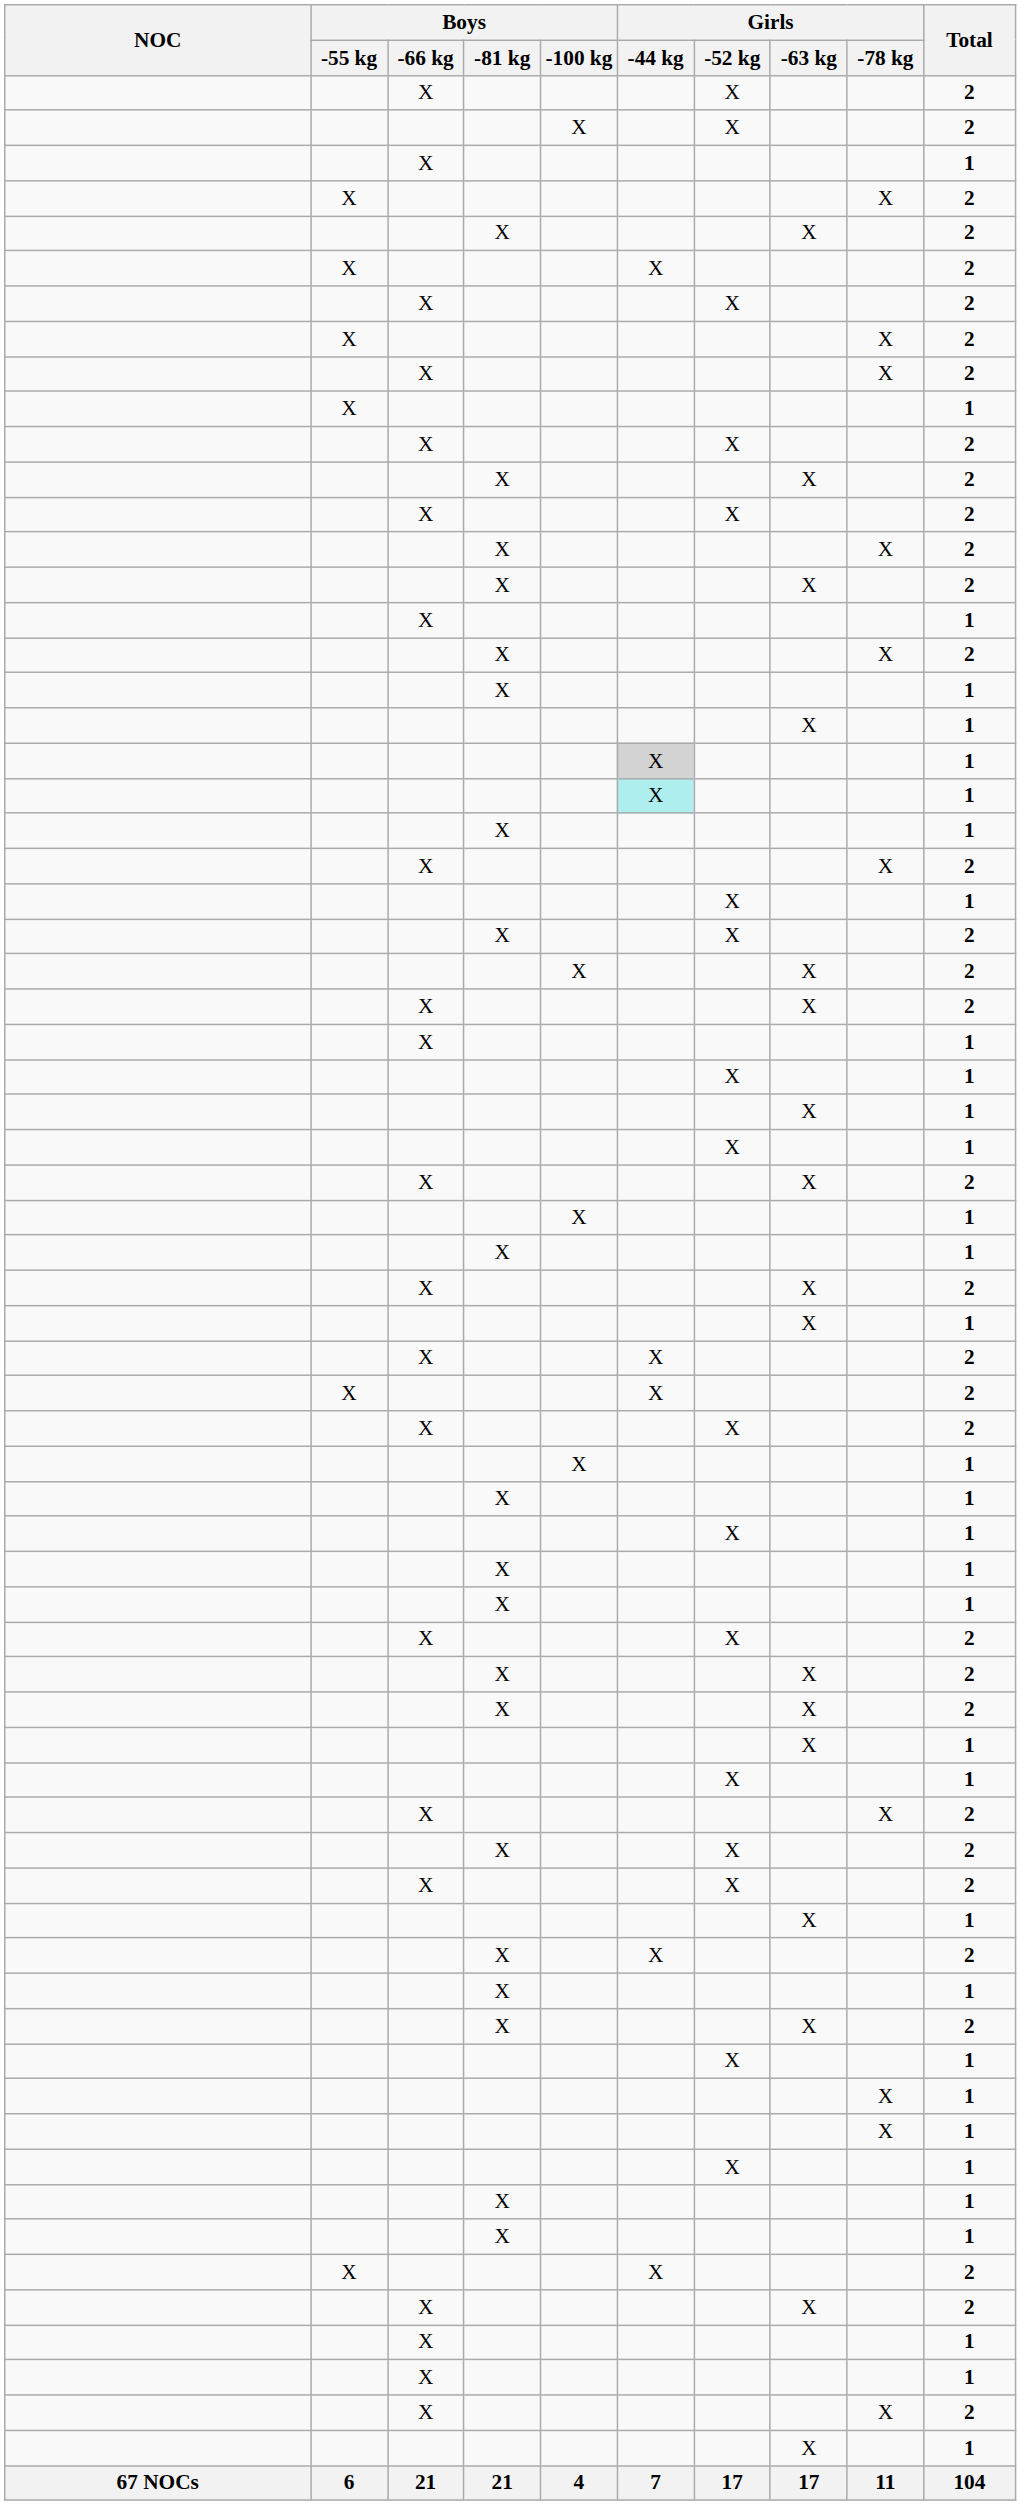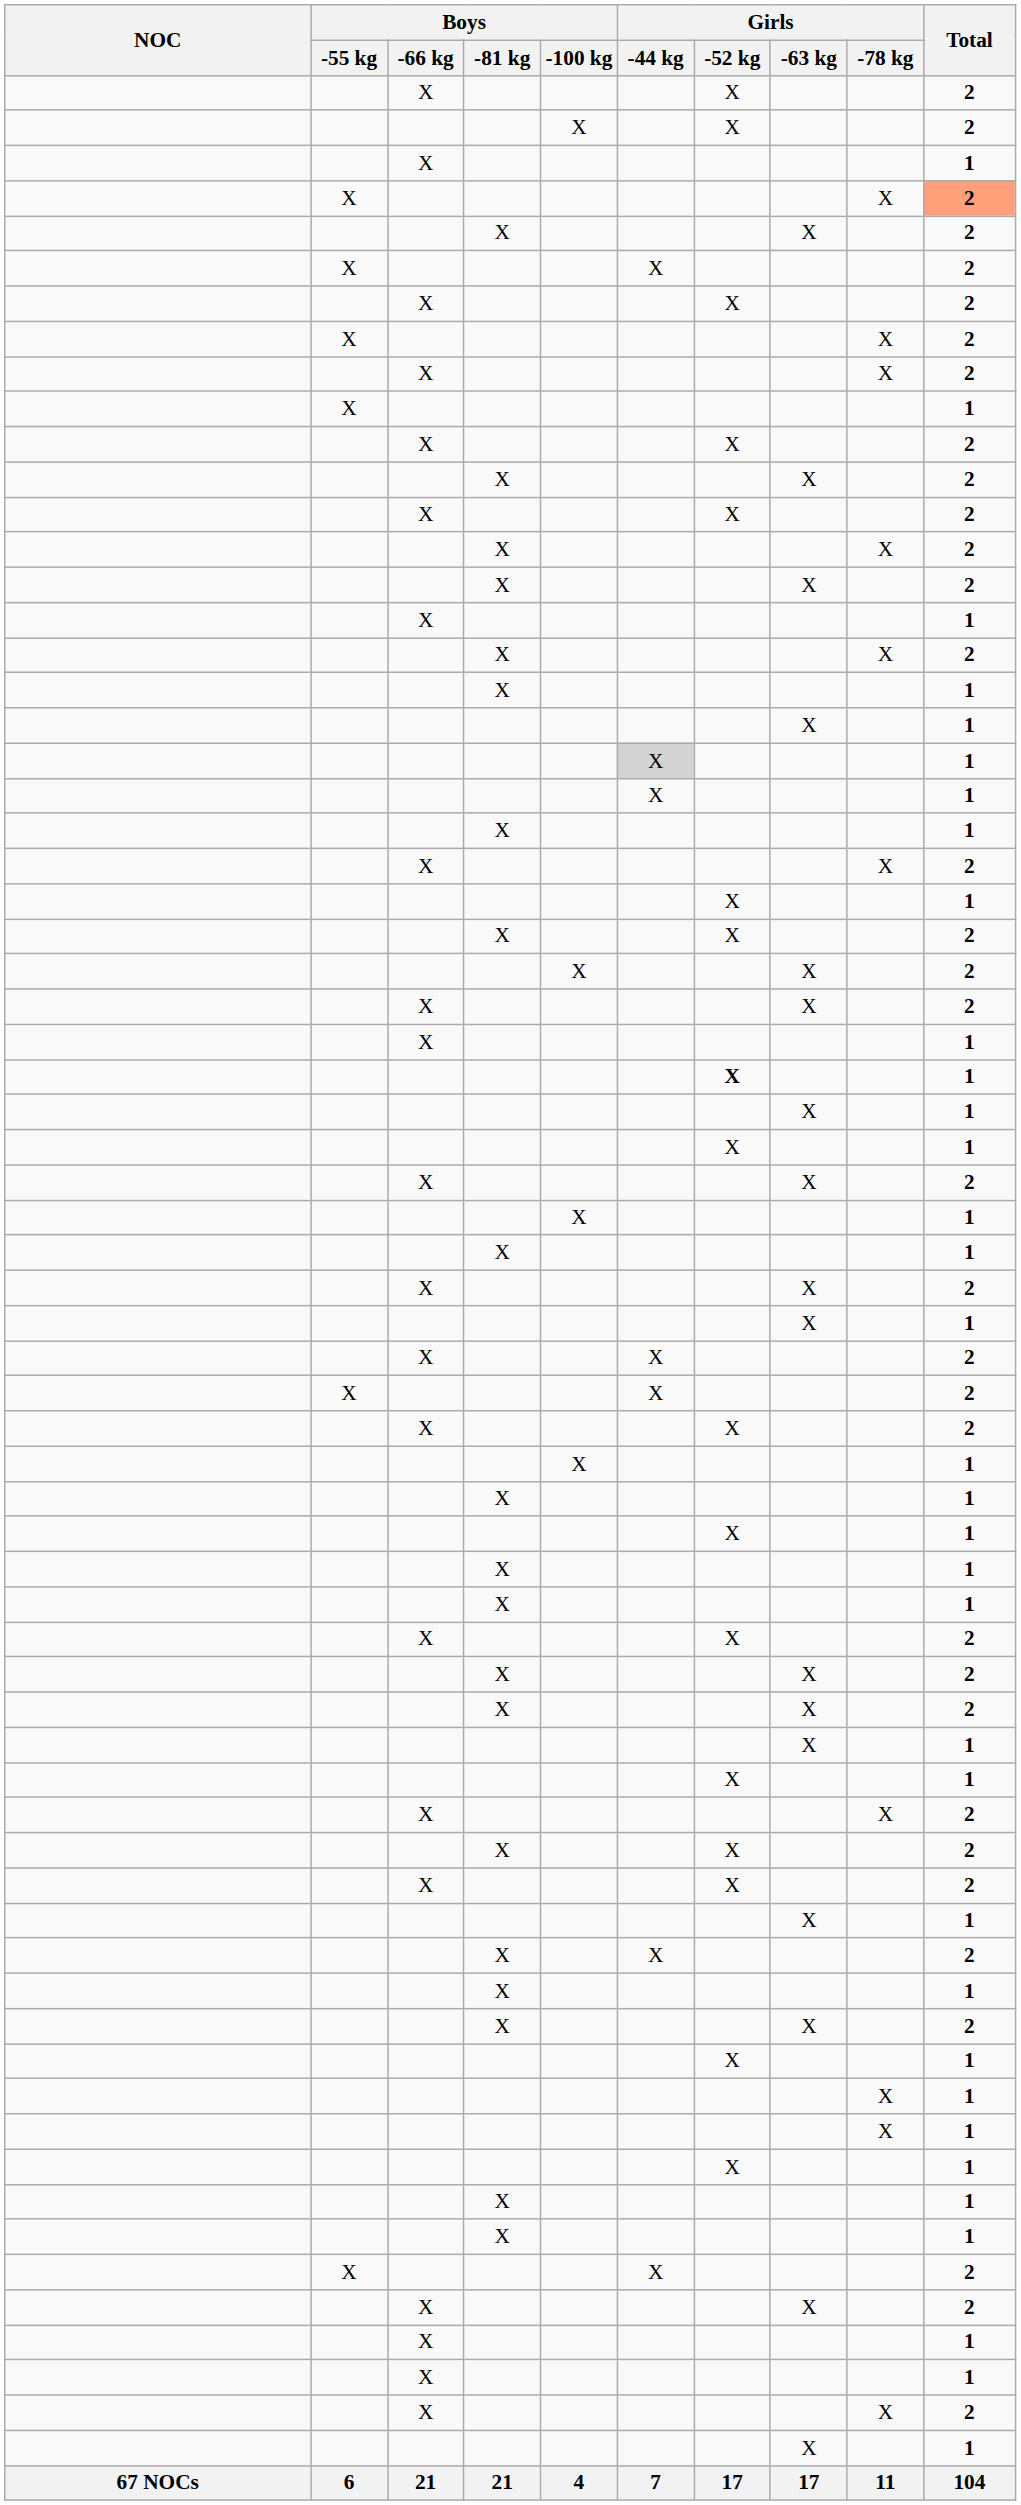 <table class="wikitable" style="text-align:center; font-size:90%">
 <tr>
 <th rowspan="2" width=200 align="left">NOC</th>
 <th colspan="4">Boys</th>
 <th colspan="4">Girls</th>
 <th width=55 rowspan="2">Total</th>
 </tr>
 <tr>
 <th width=45>-55 kg</th>
 <th width=45>-66 kg</th>
 <th width=45>-81 kg</th>
 <th width=45>-100 kg</th>
 <th width=45>-44 kg</th>
 <th width=45>-52 kg</th>
 <th width=45>-63 kg</th>
 <th width=45>-78 kg</th>
 </tr>
 <tr>
 <td align="left"></td>
 <td></td>
 <td>X</td>
 <td></td>
 <td></td>
 <td></td>
 <td>X</td>
 <td></td>
 <td></td>
 <td><strong>2</strong></td>
 </tr>
 <tr>
 <td align="left"></td>
 <td></td>
 <td></td>
 <td></td>
 <td>X</td>
 <td></td>
 <td>X</td>
 <td></td>
 <td></td>
 <td><strong>2</strong></td>
 </tr>
 <tr>
 <td align="left"></td>
 <td></td>
 <td>X</td>
 <td></td>
 <td></td>
 <td></td>
 <td></td>
 <td></td>
 <td></td>
 <td><strong>1</strong></td>
 </tr>
 <tr>
 <td align="left"></td>
 <td>X</td>
 <td></td>
 <td></td>
 <td></td>
 <td></td>
 <td></td>
 <td></td>
 <td>X</td>
-<td><strong>2</strong></td>
+<td style="background: lightsalmon;"><strong>2</strong></td>
 </tr>
 <tr>
 <td align="left"></td>
 <td></td>
 <td></td>
 <td>X</td>
 <td></td>
 <td></td>
 <td></td>
 <td>X</td>
 <td></td>
 <td><strong>2</strong></td>
 </tr>
 <tr>
 <td align="left"></td>
 <td>X</td>
 <td></td>
 <td></td>
 <td></td>
 <td>X</td>
 <td></td>
 <td></td>
 <td></td>
 <td><strong>2</strong></td>
 </tr>
 <tr>
 <td align="left"></td>
 <td></td>
 <td>X</td>
 <td></td>
 <td></td>
 <td></td>
 <td>X</td>
 <td></td>
 <td></td>
 <td><strong>2</strong></td>
 </tr>
 <tr>
 <td align="left"></td>
 <td>X</td>
 <td></td>
 <td></td>
 <td></td>
 <td></td>
 <td></td>
 <td></td>
 <td>X</td>
 <td><strong>2</strong></td>
 </tr>
 <tr>
 <td align="left"></td>
 <td></td>
 <td>X</td>
 <td></td>
 <td></td>
 <td></td>
 <td></td>
 <td></td>
 <td>X</td>
 <td><strong>2</strong></td>
 </tr>
 <tr>
 <td align="left"></td>
 <td>X</td>
 <td></td>
 <td></td>
 <td></td>
 <td></td>
 <td></td>
 <td></td>
 <td></td>
 <td><strong>1</strong></td>
 </tr>
 <tr>
 <td align="left"></td>
 <td></td>
 <td>X</td>
 <td></td>
 <td></td>
 <td></td>
 <td>X</td>
 <td></td>
 <td></td>
 <td><strong>2</strong></td>
 </tr>
 <tr>
 <td align="left"></td>
 <td></td>
 <td></td>
 <td>X</td>
 <td></td>
 <td></td>
 <td></td>
 <td>X</td>
 <td></td>
 <td><strong>2</strong></td>
 </tr>
 <tr>
 <td align="left"></td>
 <td></td>
 <td>X</td>
 <td></td>
 <td></td>
 <td></td>
 <td>X</td>
 <td></td>
 <td></td>
 <td><strong>2</strong></td>
 </tr>
 <tr>
 <td align="left"></td>
 <td></td>
 <td></td>
 <td>X</td>
 <td></td>
 <td></td>
 <td></td>
 <td></td>
 <td>X</td>
 <td><strong>2</strong></td>
 </tr>
 <tr>
 <td align="left"></td>
 <td></td>
 <td></td>
 <td>X</td>
 <td></td>
 <td></td>
 <td></td>
 <td>X</td>
 <td></td>
 <td><strong>2</strong></td>
 </tr>
 <tr>
 <td align="left"></td>
 <td></td>
 <td>X</td>
 <td></td>
 <td></td>
 <td></td>
 <td></td>
 <td></td>
 <td></td>
 <td><strong>1</strong></td>
 </tr>
 <tr>
 <td align="left"></td>
 <td></td>
 <td></td>
 <td>X</td>
 <td></td>
 <td></td>
 <td></td>
 <td></td>
 <td>X</td>
 <td><strong>2</strong></td>
 </tr>
 <tr>
 <td align="left"></td>
 <td></td>
 <td></td>
 <td>X</td>
 <td></td>
 <td></td>
 <td></td>
 <td></td>
 <td></td>
 <td><strong>1</strong></td>
 </tr>
 <tr>
 <td align="left"></td>
 <td></td>
 <td></td>
 <td></td>
 <td></td>
 <td></td>
 <td></td>
 <td>X</td>
 <td></td>
 <td><strong>1</strong></td>
 </tr>
 <tr>
 <td align="left"></td>
 <td></td>
 <td></td>
 <td></td>
 <td></td>
 <td style="background: lightgrey;">X</td>
 <td></td>
 <td></td>
 <td></td>
 <td><strong>1</strong></td>
 </tr>
 <tr>
 <td align="left"></td>
 <td></td>
 <td></td>
 <td></td>
 <td></td>
-<td style="background: paleturquoise;">X</td>
+<td>X</td>
 <td></td>
 <td></td>
 <td></td>
 <td><strong>1</strong></td>
 </tr>
 <tr>
 <td align="left"></td>
 <td></td>
 <td></td>
 <td>X</td>
 <td></td>
 <td></td>
 <td></td>
 <td></td>
 <td></td>
 <td><strong>1</strong></td>
 </tr>
 <tr>
 <td align="left"></td>
 <td></td>
 <td>X</td>
 <td></td>
 <td></td>
 <td></td>
 <td></td>
 <td></td>
 <td>X</td>
 <td><strong>2</strong></td>
 </tr>
 <tr>
 <td align="left"></td>
 <td></td>
 <td></td>
 <td></td>
 <td></td>
 <td></td>
 <td>X</td>
 <td></td>
 <td></td>
 <td><strong>1</strong></td>
 </tr>
 <tr>
 <td align="left"></td>
 <td></td>
 <td></td>
 <td>X</td>
 <td></td>
 <td></td>
 <td>X</td>
 <td></td>
 <td></td>
 <td><strong>2</strong></td>
 </tr>
 <tr>
 <td align="left"></td>
 <td></td>
 <td></td>
 <td></td>
 <td>X</td>
 <td></td>
 <td></td>
 <td>X</td>
 <td></td>
 <td><strong>2</strong></td>
 </tr>
 <tr>
 <td align="left"></td>
 <td></td>
 <td>X</td>
 <td></td>
 <td></td>
 <td></td>
 <td></td>
 <td>X</td>
 <td></td>
 <td><strong>2</strong></td>
 </tr>
 <tr>
 <td align="left"></td>
 <td></td>
 <td>X</td>
 <td></td>
 <td></td>
 <td></td>
 <td></td>
 <td></td>
 <td></td>
 <td><strong>1</strong></td>
 </tr>
 <tr>
 <td align="left"></td>
 <td></td>
 <td></td>
 <td></td>
 <td></td>
 <td></td>
-<td>X</td>
+<td><strong>X</strong></td>
 <td></td>
 <td></td>
 <td><strong>1</strong></td>
 </tr>
 <tr>
 <td align="left"></td>
 <td></td>
 <td></td>
 <td></td>
 <td></td>
 <td></td>
 <td></td>
 <td>X</td>
 <td></td>
 <td><strong>1</strong></td>
 </tr>
 <tr>
 <td align="left"></td>
 <td></td>
 <td></td>
 <td></td>
 <td></td>
 <td></td>
 <td>X</td>
 <td></td>
 <td></td>
 <td><strong>1</strong></td>
 </tr>
 <tr>
 <td align="left"></td>
 <td></td>
 <td>X</td>
 <td></td>
 <td></td>
 <td></td>
 <td></td>
 <td>X</td>
 <td></td>
 <td><strong>2</strong></td>
 </tr>
 <tr>
 <td align="left"></td>
 <td></td>
 <td></td>
 <td></td>
 <td>X</td>
 <td></td>
 <td></td>
 <td></td>
 <td></td>
 <td><strong>1</strong></td>
 </tr>
 <tr>
 <td align="left"></td>
 <td></td>
 <td></td>
 <td>X</td>
 <td></td>
 <td></td>
 <td></td>
 <td></td>
 <td></td>
 <td><strong>1</strong></td>
 </tr>
 <tr>
 <td align="left"></td>
 <td></td>
 <td>X</td>
 <td></td>
 <td></td>
 <td></td>
 <td></td>
 <td>X</td>
 <td></td>
 <td><strong>2</strong></td>
 </tr>
 <tr>
 <td align="left"></td>
 <td></td>
 <td></td>
 <td></td>
 <td></td>
 <td></td>
 <td></td>
 <td>X</td>
 <td></td>
 <td><strong>1</strong></td>
 </tr>
 <tr>
 <td align="left"></td>
 <td></td>
 <td>X</td>
 <td></td>
 <td></td>
 <td>X</td>
 <td></td>
 <td></td>
 <td></td>
 <td><strong>2</strong></td>
 </tr>
 <tr>
 <td align="left"></td>
 <td>X</td>
 <td></td>
 <td></td>
 <td></td>
 <td>X</td>
 <td></td>
 <td></td>
 <td></td>
 <td><strong>2</strong></td>
 </tr>
 <tr>
 <td align="left"></td>
 <td></td>
 <td>X</td>
 <td></td>
 <td></td>
 <td></td>
 <td>X</td>
 <td></td>
 <td></td>
 <td><strong>2</strong></td>
 </tr>
 <tr>
 <td align="left"></td>
 <td></td>
 <td></td>
 <td></td>
 <td>X</td>
 <td></td>
 <td></td>
 <td></td>
 <td></td>
 <td><strong>1</strong></td>
 </tr>
 <tr>
 <td align="left"></td>
 <td></td>
 <td></td>
 <td>X</td>
 <td></td>
 <td></td>
 <td></td>
 <td></td>
 <td></td>
 <td><strong>1</strong></td>
 </tr>
 <tr>
 <td align="left"></td>
 <td></td>
 <td></td>
 <td></td>
 <td></td>
 <td></td>
 <td>X</td>
 <td></td>
 <td></td>
 <td><strong>1</strong></td>
 </tr>
 <tr>
 <td align="left"></td>
 <td></td>
 <td></td>
 <td>X</td>
 <td></td>
 <td></td>
 <td></td>
 <td></td>
 <td></td>
 <td><strong>1</strong></td>
 </tr>
 <tr>
 <td align="left"></td>
 <td></td>
 <td></td>
 <td>X</td>
 <td></td>
 <td></td>
 <td></td>
 <td></td>
 <td></td>
 <td><strong>1</strong></td>
 </tr>
 <tr>
 <td align="left"></td>
 <td></td>
 <td>X</td>
 <td></td>
 <td></td>
 <td></td>
 <td>X</td>
 <td></td>
 <td></td>
 <td><strong>2</strong></td>
 </tr>
 <tr>
 <td align="left"></td>
 <td></td>
 <td></td>
 <td>X</td>
 <td></td>
 <td></td>
 <td></td>
 <td>X</td>
 <td></td>
 <td><strong>2</strong></td>
 </tr>
 <tr>
 <td align="left"></td>
 <td></td>
 <td></td>
 <td>X</td>
 <td></td>
 <td></td>
 <td></td>
 <td>X</td>
 <td></td>
 <td><strong>2</strong></td>
 </tr>
 <tr>
 <td align="left"></td>
 <td></td>
 <td></td>
 <td></td>
 <td></td>
 <td></td>
 <td></td>
 <td>X</td>
 <td></td>
 <td><strong>1</strong></td>
 </tr>
 <tr>
 <td align="left"></td>
 <td></td>
 <td></td>
 <td></td>
 <td></td>
 <td></td>
 <td>X</td>
 <td></td>
 <td></td>
 <td><strong>1</strong></td>
 </tr>
 <tr>
 <td align="left"></td>
 <td></td>
 <td>X</td>
 <td></td>
 <td></td>
 <td></td>
 <td></td>
 <td></td>
 <td>X</td>
 <td><strong>2</strong></td>
 </tr>
 <tr>
 <td align="left"></td>
 <td></td>
 <td></td>
 <td>X</td>
 <td></td>
 <td></td>
 <td>X</td>
 <td></td>
 <td></td>
 <td><strong>2</strong></td>
 </tr>
 <tr>
 <td align="left"></td>
 <td></td>
 <td>X</td>
 <td></td>
 <td></td>
 <td></td>
 <td>X</td>
 <td></td>
 <td></td>
 <td><strong>2</strong></td>
 </tr>
 <tr>
 <td align="left"></td>
 <td></td>
 <td></td>
 <td></td>
 <td></td>
 <td></td>
 <td></td>
 <td>X</td>
 <td></td>
 <td><strong>1</strong></td>
 </tr>
 <tr>
 <td align="left"></td>
 <td></td>
 <td></td>
 <td>X</td>
 <td></td>
 <td>X</td>
 <td></td>
 <td></td>
 <td></td>
 <td><strong>2</strong></td>
 </tr>
 <tr>
 <td align="left"></td>
 <td></td>
 <td></td>
 <td>X</td>
 <td></td>
 <td></td>
 <td></td>
 <td></td>
 <td></td>
 <td><strong>1</strong></td>
 </tr>
 <tr>
 <td align="left"></td>
 <td></td>
 <td></td>
 <td>X</td>
 <td></td>
 <td></td>
 <td></td>
 <td>X</td>
 <td></td>
 <td><strong>2</strong></td>
 </tr>
 <tr>
 <td align="left"></td>
 <td></td>
 <td></td>
 <td></td>
 <td></td>
 <td></td>
 <td>X</td>
 <td></td>
 <td></td>
 <td><strong>1</strong></td>
 </tr>
 <tr>
 <td align="left"></td>
 <td></td>
 <td></td>
 <td></td>
 <td></td>
 <td></td>
 <td></td>
 <td></td>
 <td>X</td>
 <td><strong>1</strong></td>
 </tr>
 <tr>
 <td align="left"></td>
 <td></td>
 <td></td>
 <td></td>
 <td></td>
 <td></td>
 <td></td>
 <td></td>
 <td>X</td>
 <td><strong>1</strong></td>
 </tr>
 <tr>
 <td align="left"></td>
 <td></td>
 <td></td>
 <td></td>
 <td></td>
 <td></td>
 <td>X</td>
 <td></td>
 <td></td>
 <td><strong>1</strong></td>
 </tr>
 <tr>
 <td align="left"></td>
 <td></td>
 <td></td>
 <td>X</td>
 <td></td>
 <td></td>
 <td></td>
 <td></td>
 <td></td>
 <td><strong>1</strong></td>
 </tr>
 <tr>
 <td align="left"></td>
 <td></td>
 <td></td>
 <td>X</td>
 <td></td>
 <td></td>
 <td></td>
 <td></td>
 <td></td>
 <td><strong>1</strong></td>
 </tr>
 <tr>
 <td align="left"></td>
 <td>X</td>
 <td></td>
 <td></td>
 <td></td>
 <td>X</td>
 <td></td>
 <td></td>
 <td></td>
 <td><strong>2</strong></td>
 </tr>
 <tr>
 <td align="left"></td>
 <td></td>
 <td>X</td>
 <td></td>
 <td></td>
 <td></td>
 <td></td>
 <td>X</td>
 <td></td>
 <td><strong>2</strong></td>
 </tr>
 <tr>
 <td align="left"></td>
 <td></td>
 <td>X</td>
 <td></td>
 <td></td>
 <td></td>
 <td></td>
 <td></td>
 <td></td>
 <td><strong>1</strong></td>
 </tr>
 <tr>
 <td align="left"></td>
 <td></td>
 <td>X</td>
 <td></td>
 <td></td>
 <td></td>
 <td></td>
 <td></td>
 <td></td>
 <td><strong>1</strong></td>
 </tr>
 <tr>
 <td align="left"></td>
 <td></td>
 <td>X</td>
 <td></td>
 <td></td>
 <td></td>
 <td></td>
 <td></td>
 <td>X</td>
 <td><strong>2</strong></td>
 </tr>
 <tr>
 <td align="left"></td>
 <td></td>
 <td></td>
 <td></td>
 <td></td>
 <td></td>
 <td></td>
 <td>X</td>
 <td></td>
 <td><strong>1</strong></td>
 </tr>
 <tr>
 <th>67 NOCs</th>
 <th>6</th>
 <th>21</th>
 <th>21</th>
 <th>4</th>
 <th>7</th>
 <th>17</th>
 <th>17</th>
 <th>11</th>
 <th>104</th>
 </tr>
 </table>
